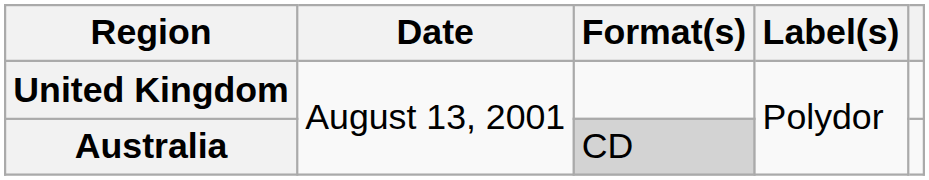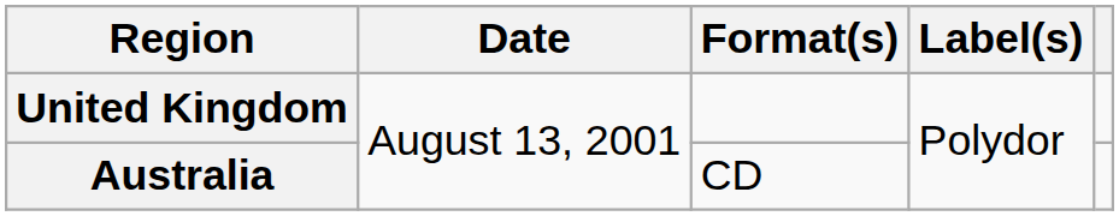 <table class="wikitable plainrowheaders">
 <tr>
 <th scope="col">Region</th>
 <th scope="col">Date</th>
 <th scope="col">Format(s)</th>
 <th scope="col">Label(s)</th>
 <th scope="col"></th>
 </tr>
 <tr>
 <th scope="row">United Kingdom</th>
 <td rowspan="2">August 13, 2001</td>
 <td></td>
 <td rowspan="2">Polydor</td>
 <td align="center"></td>
 </tr>
 <tr>
 <th scope="row">Australia</th>
-<td style="background: lightgrey;">CD</td>
+<td>CD</td>
 <td align="center"></td>
 </tr>
 </table>
